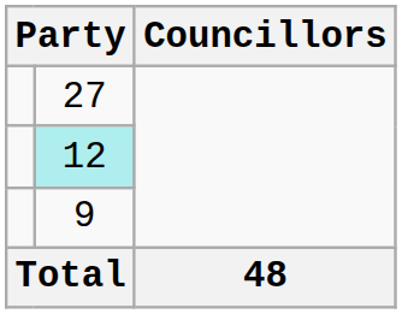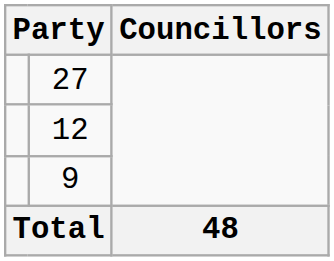 <table class="wikitable">
 <tr>
 <th colspan=2>Party</th>
 <th>Councillors</th>
 </tr>
 <tr>
 <td></td>
 <td align=center>27</td>
 </tr>
 <tr>
 <td></td>
-<td align=center style="background: paleturquoise;">12</td>
+<td align=center>12</td>
 </tr>
 <tr>
 <td></td>
 <td align=center>9</td>
 </tr>
 <tr>
 <th colspan=2>Total</th>
 <th align=center>48</th>
 </tr>
 </table>
